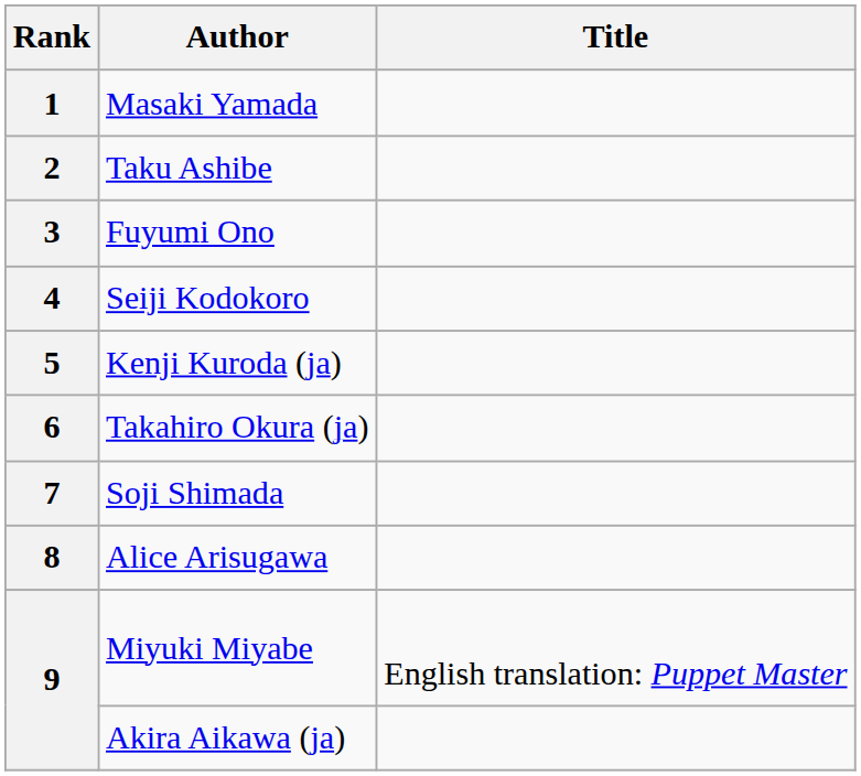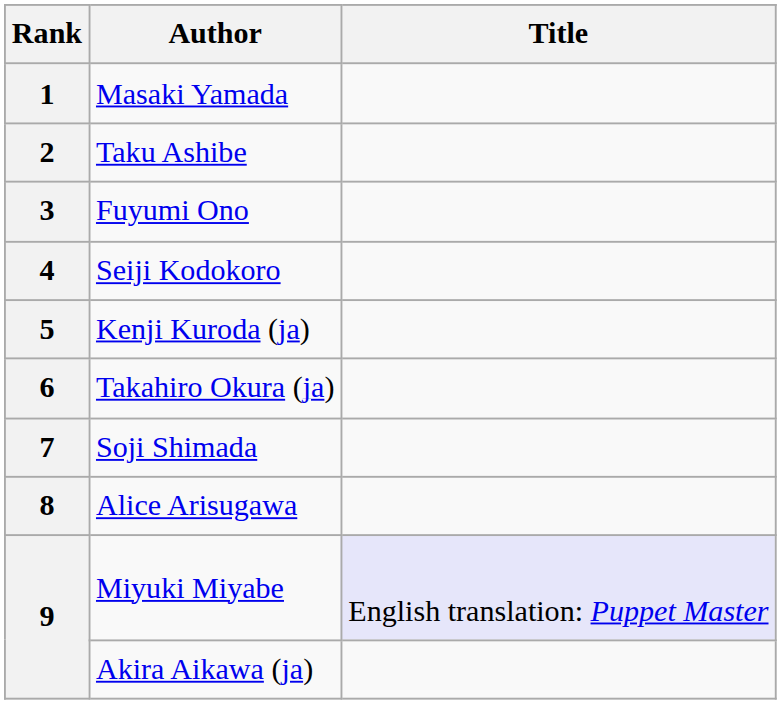 <table class="wikitable sortable" style="font-size:1.00em; line-height:1.5em;">
 <tr>
 <th>Rank</th>
 <th>Author</th>
 <th>Title</th>
 </tr>
 <tr>
 <th>1</th>
 <td><a href='#'>Masaki Yamada</a></td>
 <td></td>
 </tr>
 <tr>
 <th>2</th>
 <td><a href='#'>Taku Ashibe</a></td>
 <td></td>
 </tr>
 <tr>
 <th>3</th>
 <td><a href='#'>Fuyumi Ono</a></td>
 <td></td>
 </tr>
 <tr>
 <th>4</th>
 <td><a href='#'>Seiji Kodokoro</a></td>
 <td></td>
 </tr>
 <tr>
 <th>5</th>
 <td><a href='#'>Kenji Kuroda</a> (<a href='#'>ja</a>)</td>
 <td></td>
 </tr>
 <tr>
 <th>6</th>
 <td><a href='#'>Takahiro Okura</a> (<a href='#'>ja</a>)</td>
 <td></td>
 </tr>
 <tr>
 <th>7</th>
 <td><a href='#'>Soji Shimada</a></td>
 <td></td>
 </tr>
 <tr>
 <th>8</th>
 <td><a href='#'>Alice Arisugawa</a></td>
 <td></td>
 </tr>
 <tr>
 <th rowspan=2>9</th>
 <td><a href='#'>Miyuki Miyabe</a></td>
-<td><br>English translation: <em><a href='#'>Puppet Master</a></em></td>
+<td style="background: lavender;"><br>English translation: <em><a href='#'>Puppet Master</a></em></td>
 </tr>
 <tr>
 <td><a href='#'>Akira Aikawa</a> (<a href='#'>ja</a>)</td>
 <td></td>
 </tr>
 </table>
